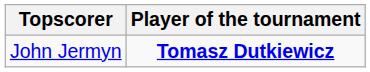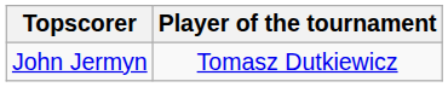 <table class=wikitable style="margin:auto; text-align:center">
 <tr>
 <th>Topscorer</th>
 <th>Player of the tournament</th>
 </tr>
 <tr>
 <td> <a href='#'>John Jermyn</a></td>
-<td><strong> <a href='#'>Tomasz Dutkiewicz</a></strong></td>
+<td> <a href='#'>Tomasz Dutkiewicz</a></td>
 </tr>
 </table>
